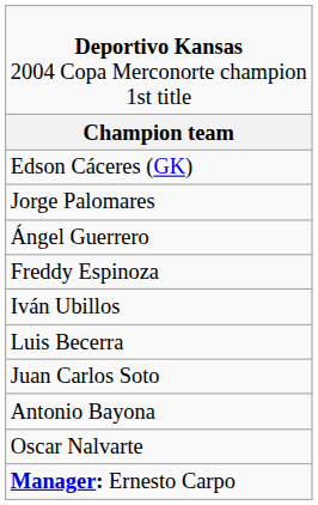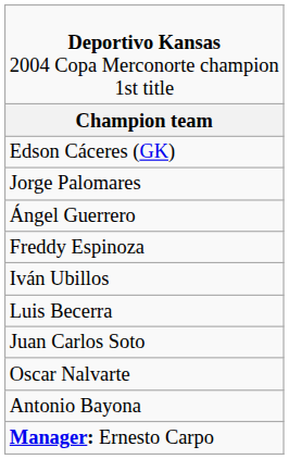 <table class="wikitable floatright">
 <tr>
 <td align=center><br><strong>Deportivo Kansas</strong><br>2004 Copa Merconorte champion<br>1st title</td>
 </tr>
 <tr>
 <th>Champion team</th>
 </tr>
 <tr>
 <td> Edson Cáceres (<a href='#'>GK</a>)</td>
 </tr>
 <tr>
 <td> Jorge Palomares</td>
 </tr>
 <tr>
 <td> Ángel Guerrero</td>
 </tr>
 <tr>
 <td> Freddy Espinoza</td>
 </tr>
 <tr>
 <td> Iván Ubillos</td>
 </tr>
 <tr>
 <td> Luis Becerra</td>
 </tr>
 <tr>
 <td> Juan Carlos Soto</td>
 </tr>
 <tr>
-<td> Antonio Bayona</td>
+<td> Oscar Nalvarte</td>
 </tr>
 <tr>
-<td> Oscar Nalvarte</td>
+<td> Antonio Bayona</td>
 </tr>
 <tr>
 <td><strong><a href='#'>Manager</a>:</strong>  Ernesto Carpo</td>
 </tr>
 </table>
